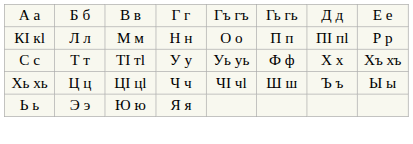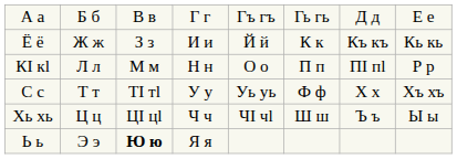 <table class="wikitable" style="font-family:Arial Unicode MS; font-size:1.4em; border-color:#000000; border-width:1px; border-style:solid; border-collapse:collapse; background-color:#F8F8EF">
 <tr>
 <td style="width:3em; text-align:center; padding: 3px;">А а</td>
 <td style="width:3em; text-align:center; padding: 3px;">Б б</td>
 <td style="width:3em; text-align:center; padding: 3px;">В в</td>
 <td style="width:3em; text-align:center; padding: 3px;">Г г</td>
 <td style="width:3em; text-align:center; padding: 3px;">Гъ гъ</td>
 <td style="width:3em; text-align:center; padding: 3px;">Гь гь</td>
 <td style="width:3em; text-align:center; padding: 3px;">Д д</td>
 <td style="width:3em; text-align:center; padding: 3px;">Е е</td>
+</tr>
+<tr>
+<td style="width:3em; text-align:center; padding: 3px;">Ё ё</td>
+<td style="width:3em; text-align:center; padding: 3px;">Ж ж</td>
+<td style="width:3em; text-align:center; padding: 3px;">З з</td>
+<td style="width:3em; text-align:center; padding: 3px;">И и</td>
+<td style="width:3em; text-align:center; padding: 3px;">Й й</td>
+<td style="width:3em; text-align:center; padding: 3px;">К к</td>
+<td style="width:3em; text-align:center; padding: 3px;">Къ къ</td>
+<td style="width:3em; text-align:center; padding: 3px;">Кь кь</td>
 </tr>
 <tr>
 <td style="width:3em; text-align:center; padding: 3px;">КI кl</td>
 <td style="width:3em; text-align:center; padding: 3px;">Л л</td>
 <td style="width:3em; text-align:center; padding: 3px;">М м</td>
 <td style="width:3em; text-align:center; padding: 3px;">Н н</td>
 <td style="width:3em; text-align:center; padding: 3px;">О о</td>
 <td style="width:3em; text-align:center; padding: 3px;">П п</td>
 <td style="width:3em; text-align:center; padding: 3px;">ПI пl</td>
 <td style="width:3em; text-align:center; padding: 3px;">Р р</td>
 </tr>
 <tr>
 <td style="width:3em; text-align:center; padding: 3px;">С с</td>
 <td style="width:3em; text-align:center; padding: 3px;">Т т</td>
 <td style="width:3em; text-align:center; padding: 3px;">ТI тl</td>
 <td style="width:3em; text-align:center; padding: 3px;">У у</td>
 <td style="width:3em; text-align:center; padding: 3px;">Уь уь</td>
 <td style="width:3em; text-align:center; padding: 3px;">Ф ф</td>
 <td style="width:3em; text-align:center; padding: 3px;">Х х</td>
 <td style="width:3em; text-align:center; padding: 3px;">Хъ хъ</td>
 </tr>
 <tr>
 <td style="width:3em; text-align:center; padding: 3px;">Хь хь</td>
 <td style="width:3em; text-align:center; padding: 3px;">Ц ц</td>
 <td style="width:3em; text-align:center; padding: 3px;">ЦI цl</td>
 <td style="width:3em; text-align:center; padding: 3px;">Ч ч</td>
 <td style="width:3em; text-align:center; padding: 3px;">ЧI чl</td>
 <td style="width:3em; text-align:center; padding: 3px;">Ш ш</td>
 <td style="width:3em; text-align:center; padding: 3px;">Ъ ъ</td>
 <td style="width:3em; text-align:center; padding: 3px;">Ы ы</td>
 </tr>
 <tr>
 <td style="width:3em; text-align:center; padding: 3px;">Ь ь</td>
 <td style="width:3em; text-align:center; padding: 3px;">Э э</td>
-<td style="width:3em; text-align:center; padding: 3px;">Ю ю</td>
+<td style="width:3em; text-align:center; padding: 3px;"><strong>Ю ю</strong></td>
 <td style="width:3em; text-align:center; padding: 3px;">Я я</td>
 <td style="width:3em; text-align:center; padding: 3px;"></td>
 <td style="width:3em; text-align:center; padding: 3px;"></td>
 <td style="width:3em; text-align:center; padding: 3px;"></td>
 <td style="width:3em; text-align:center; padding: 3px;"></td>
 </tr>
 </table>
